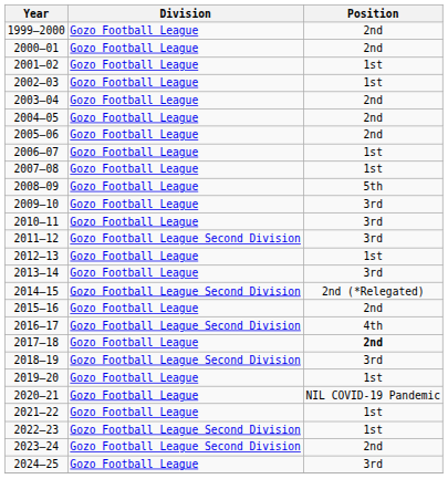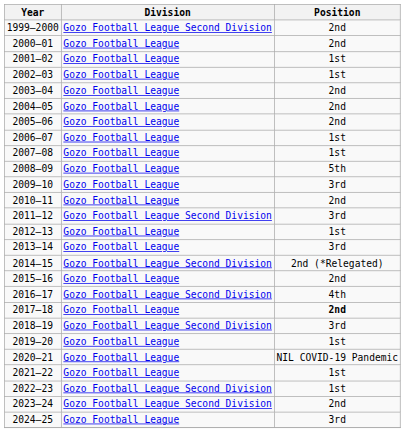 <table class="wikitable">
 <tr>
 <th>Year</th>
 <th>Division</th>
 <th>Position</th>
 </tr>
 <tr align="center">
 <td>1999–2000</td>
-<td align="left"><a href='#'>Gozo Football League</a></td>
+<td align="left"><a href='#'>Gozo Football League Second Division</a></td>
 <td>2nd</td>
 </tr>
 <tr align="center">
 <td>2000–01</td>
 <td align="left"><a href='#'>Gozo Football League</a></td>
 <td>2nd</td>
 </tr>
 <tr align="center">
 <td>2001–02</td>
 <td align="left"><a href='#'>Gozo Football League</a></td>
 <td>1st</td>
 </tr>
 <tr align="center">
 <td>2002–03</td>
 <td align="left"><a href='#'>Gozo Football League</a></td>
 <td>1st</td>
 </tr>
 <tr align="center">
 <td>2003–04</td>
 <td align="left"><a href='#'>Gozo Football League</a></td>
 <td>2nd</td>
 </tr>
 <tr align="center">
 <td>2004–05</td>
 <td align="left"><a href='#'>Gozo Football League</a></td>
 <td>2nd</td>
 </tr>
 <tr align="center">
 <td>2005–06</td>
 <td align="left"><a href='#'>Gozo Football League</a></td>
 <td>2nd</td>
 </tr>
 <tr align="center">
 <td>2006–07</td>
 <td align="left"><a href='#'>Gozo Football League</a></td>
 <td>1st</td>
 </tr>
 <tr align="center">
 <td>2007–08</td>
 <td align="left"><a href='#'>Gozo Football League</a></td>
 <td>1st</td>
 </tr>
 <tr align="center">
 <td>2008–09</td>
 <td align="left"><a href='#'>Gozo Football League</a></td>
 <td>5th</td>
 </tr>
 <tr align="center">
 <td>2009–10</td>
 <td align="left"><a href='#'>Gozo Football League</a></td>
 <td>3rd</td>
 </tr>
 <tr align="center">
 <td>2010–11</td>
 <td align="left"><a href='#'>Gozo Football League</a></td>
-<td 3rd>3rd</td>
+<td>2nd</td>
 </tr>
 <tr align="center">
 <td>2011–12</td>
 <td align="left"><a href='#'>Gozo Football League Second Division</a></td>
 <td 3rd>3rd</td>
 </tr>
 <tr align="center">
 <td>2012–13</td>
 <td align="left"><a href='#'>Gozo Football League</a></td>
 <td>1st</td>
 </tr>
 <tr align="center">
 <td>2013–14</td>
 <td align="left"><a href='#'>Gozo Football League</a></td>
 <td>3rd</td>
 </tr>
 <tr align="center">
 <td>2014–15</td>
 <td align="left"><a href='#'>Gozo Football League Second Division</a></td>
 <td>2nd (*Relegated)</td>
 </tr>
 <tr align="center">
 <td>2015–16</td>
 <td align="left"><a href='#'>Gozo Football League</a></td>
 <td>2nd</td>
 </tr>
 <tr align="center">
 <td>2016–17</td>
 <td align="left"><a href='#'>Gozo Football League Second Division</a></td>
 <td>4th</td>
 </tr>
 <tr align="center">
 <td>2017–18</td>
 <td align="left"><a href='#'>Gozo Football League</a></td>
 <td><strong>2nd</strong></td>
 </tr>
 <tr align="center">
 <td>2018–19</td>
 <td align="left"><a href='#'>Gozo Football League Second Division</a></td>
 <td>3rd</td>
 </tr>
 <tr align="center">
 <td>2019–20</td>
 <td align="left"><a href='#'>Gozo Football League</a></td>
 <td>1st</td>
 </tr>
 <tr align="center">
 <td>2020–21</td>
 <td align="left"><a href='#'>Gozo Football League</a></td>
 <td>NIL COVID-19 Pandemic</td>
 </tr>
 <tr align="center">
 <td>2021–22</td>
 <td align="left"><a href='#'>Gozo Football League</a></td>
 <td>1st</td>
 </tr>
 <tr align="center">
 <td>2022–23</td>
 <td align="left"><a href='#'>Gozo Football League Second Division</a></td>
 <td>1st</td>
 </tr>
 <tr align="center">
 <td>2023–24</td>
 <td align="left"><a href='#'>Gozo Football League Second Division</a></td>
 <td>2nd</td>
 </tr>
 <tr align="center">
 <td>2024–25</td>
 <td align="left"><a href='#'>Gozo Football League</a></td>
 <td>3rd</td>
 </tr>
 <tr align="center">
 </tr>
 </table>
